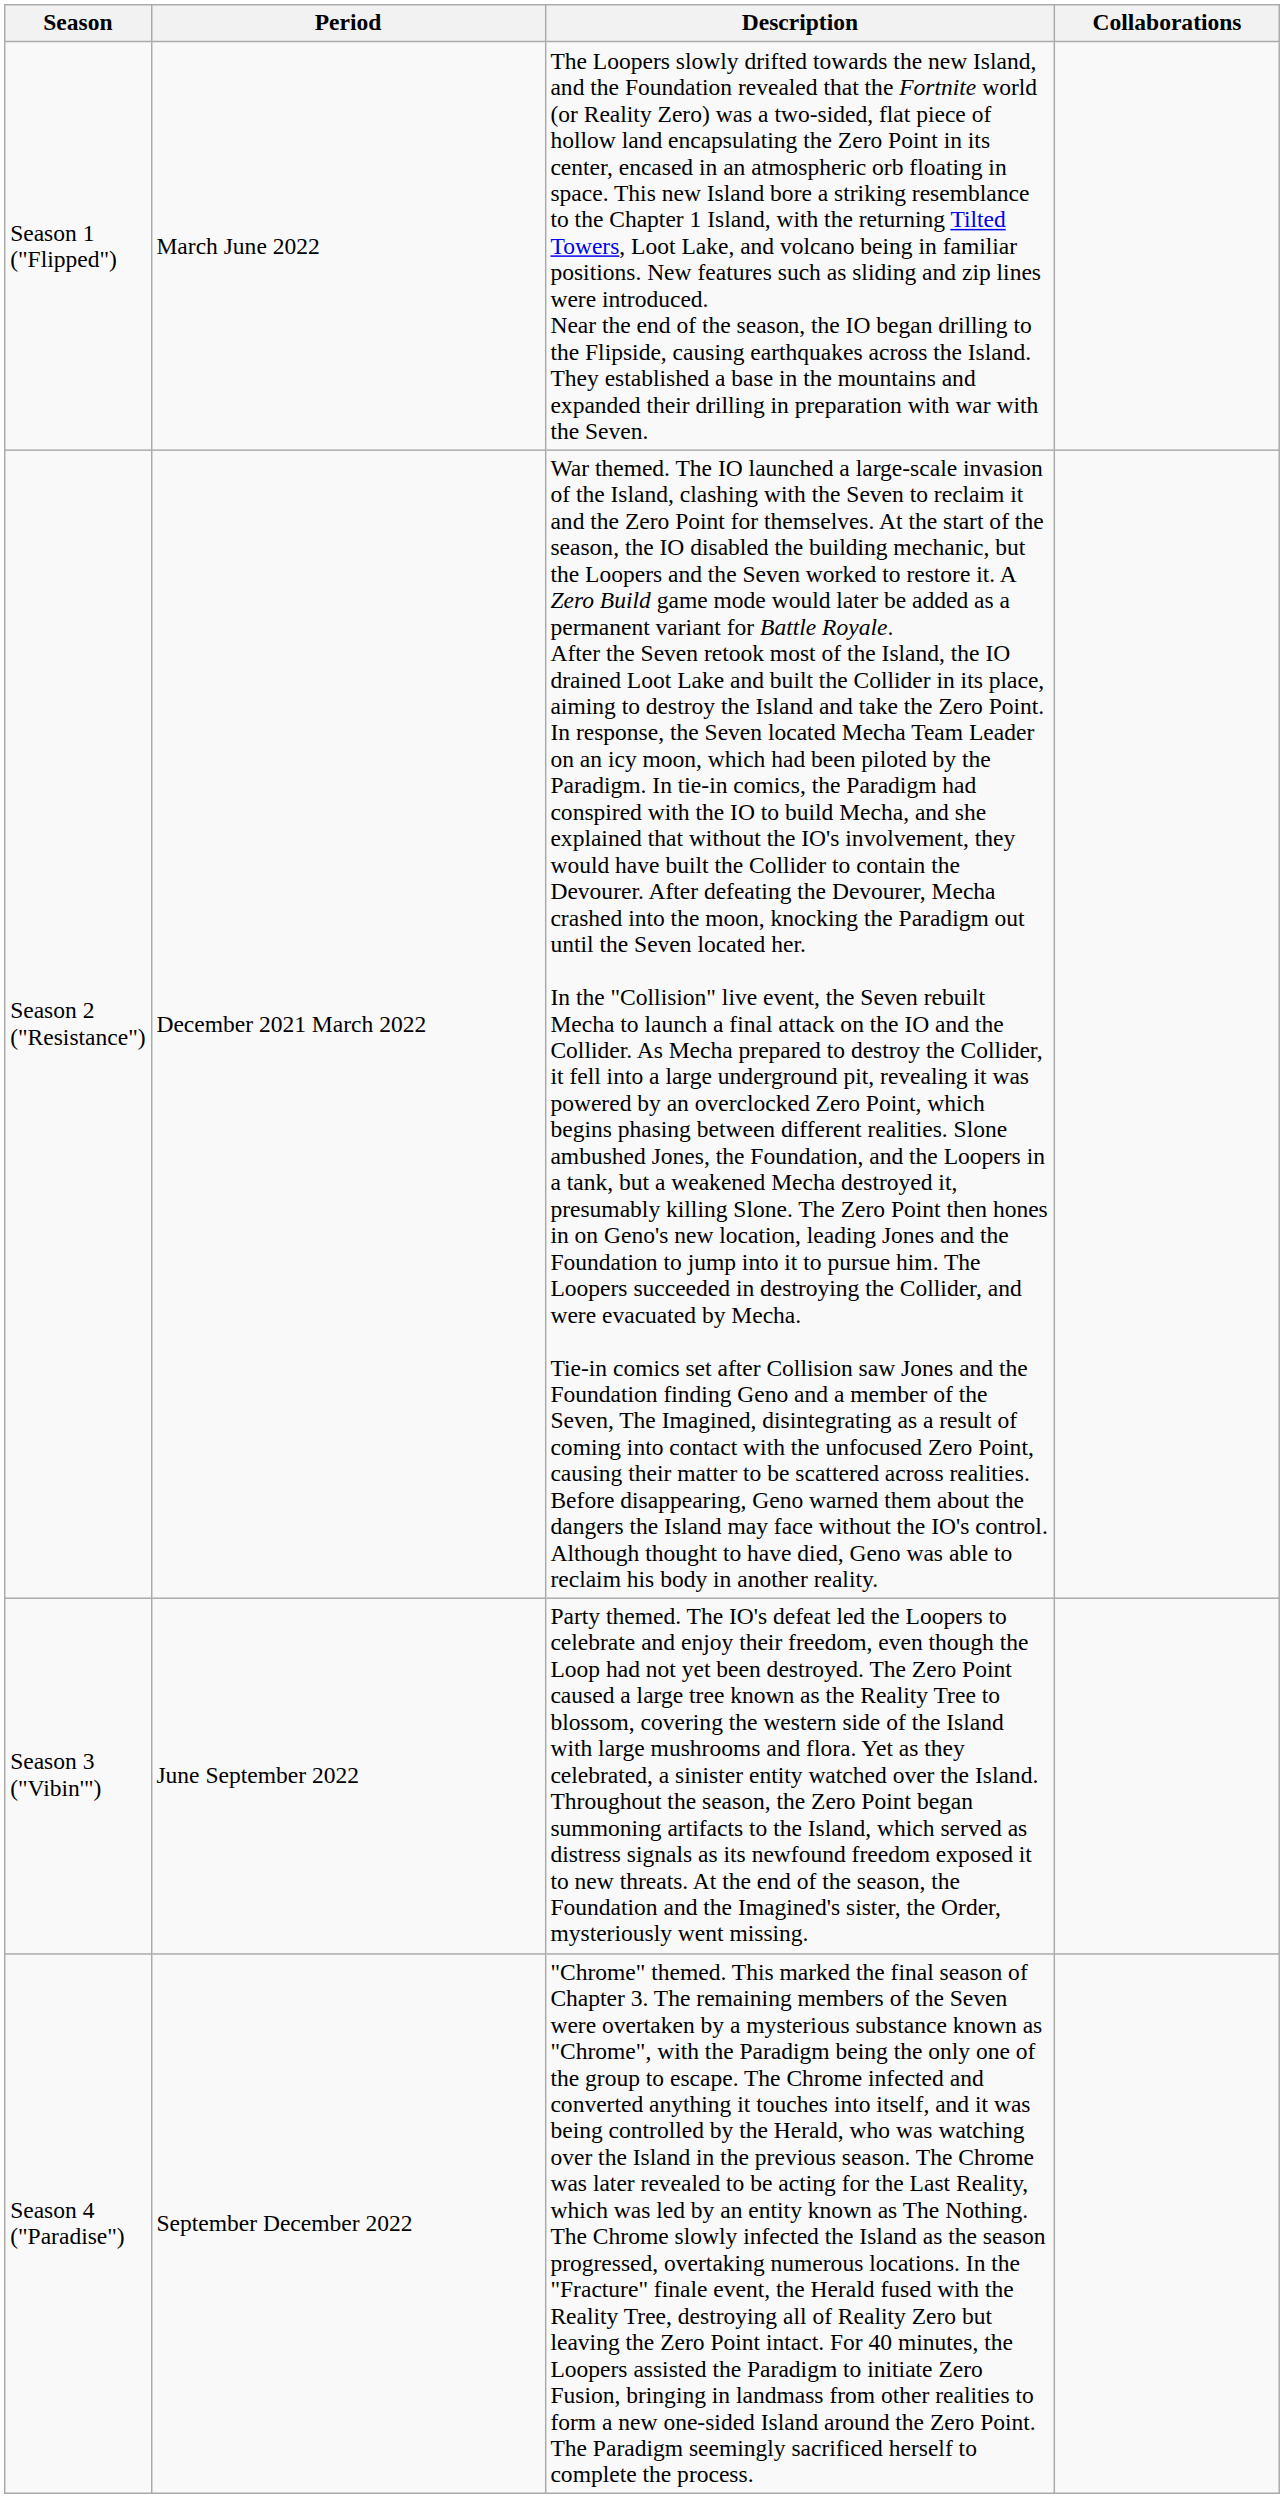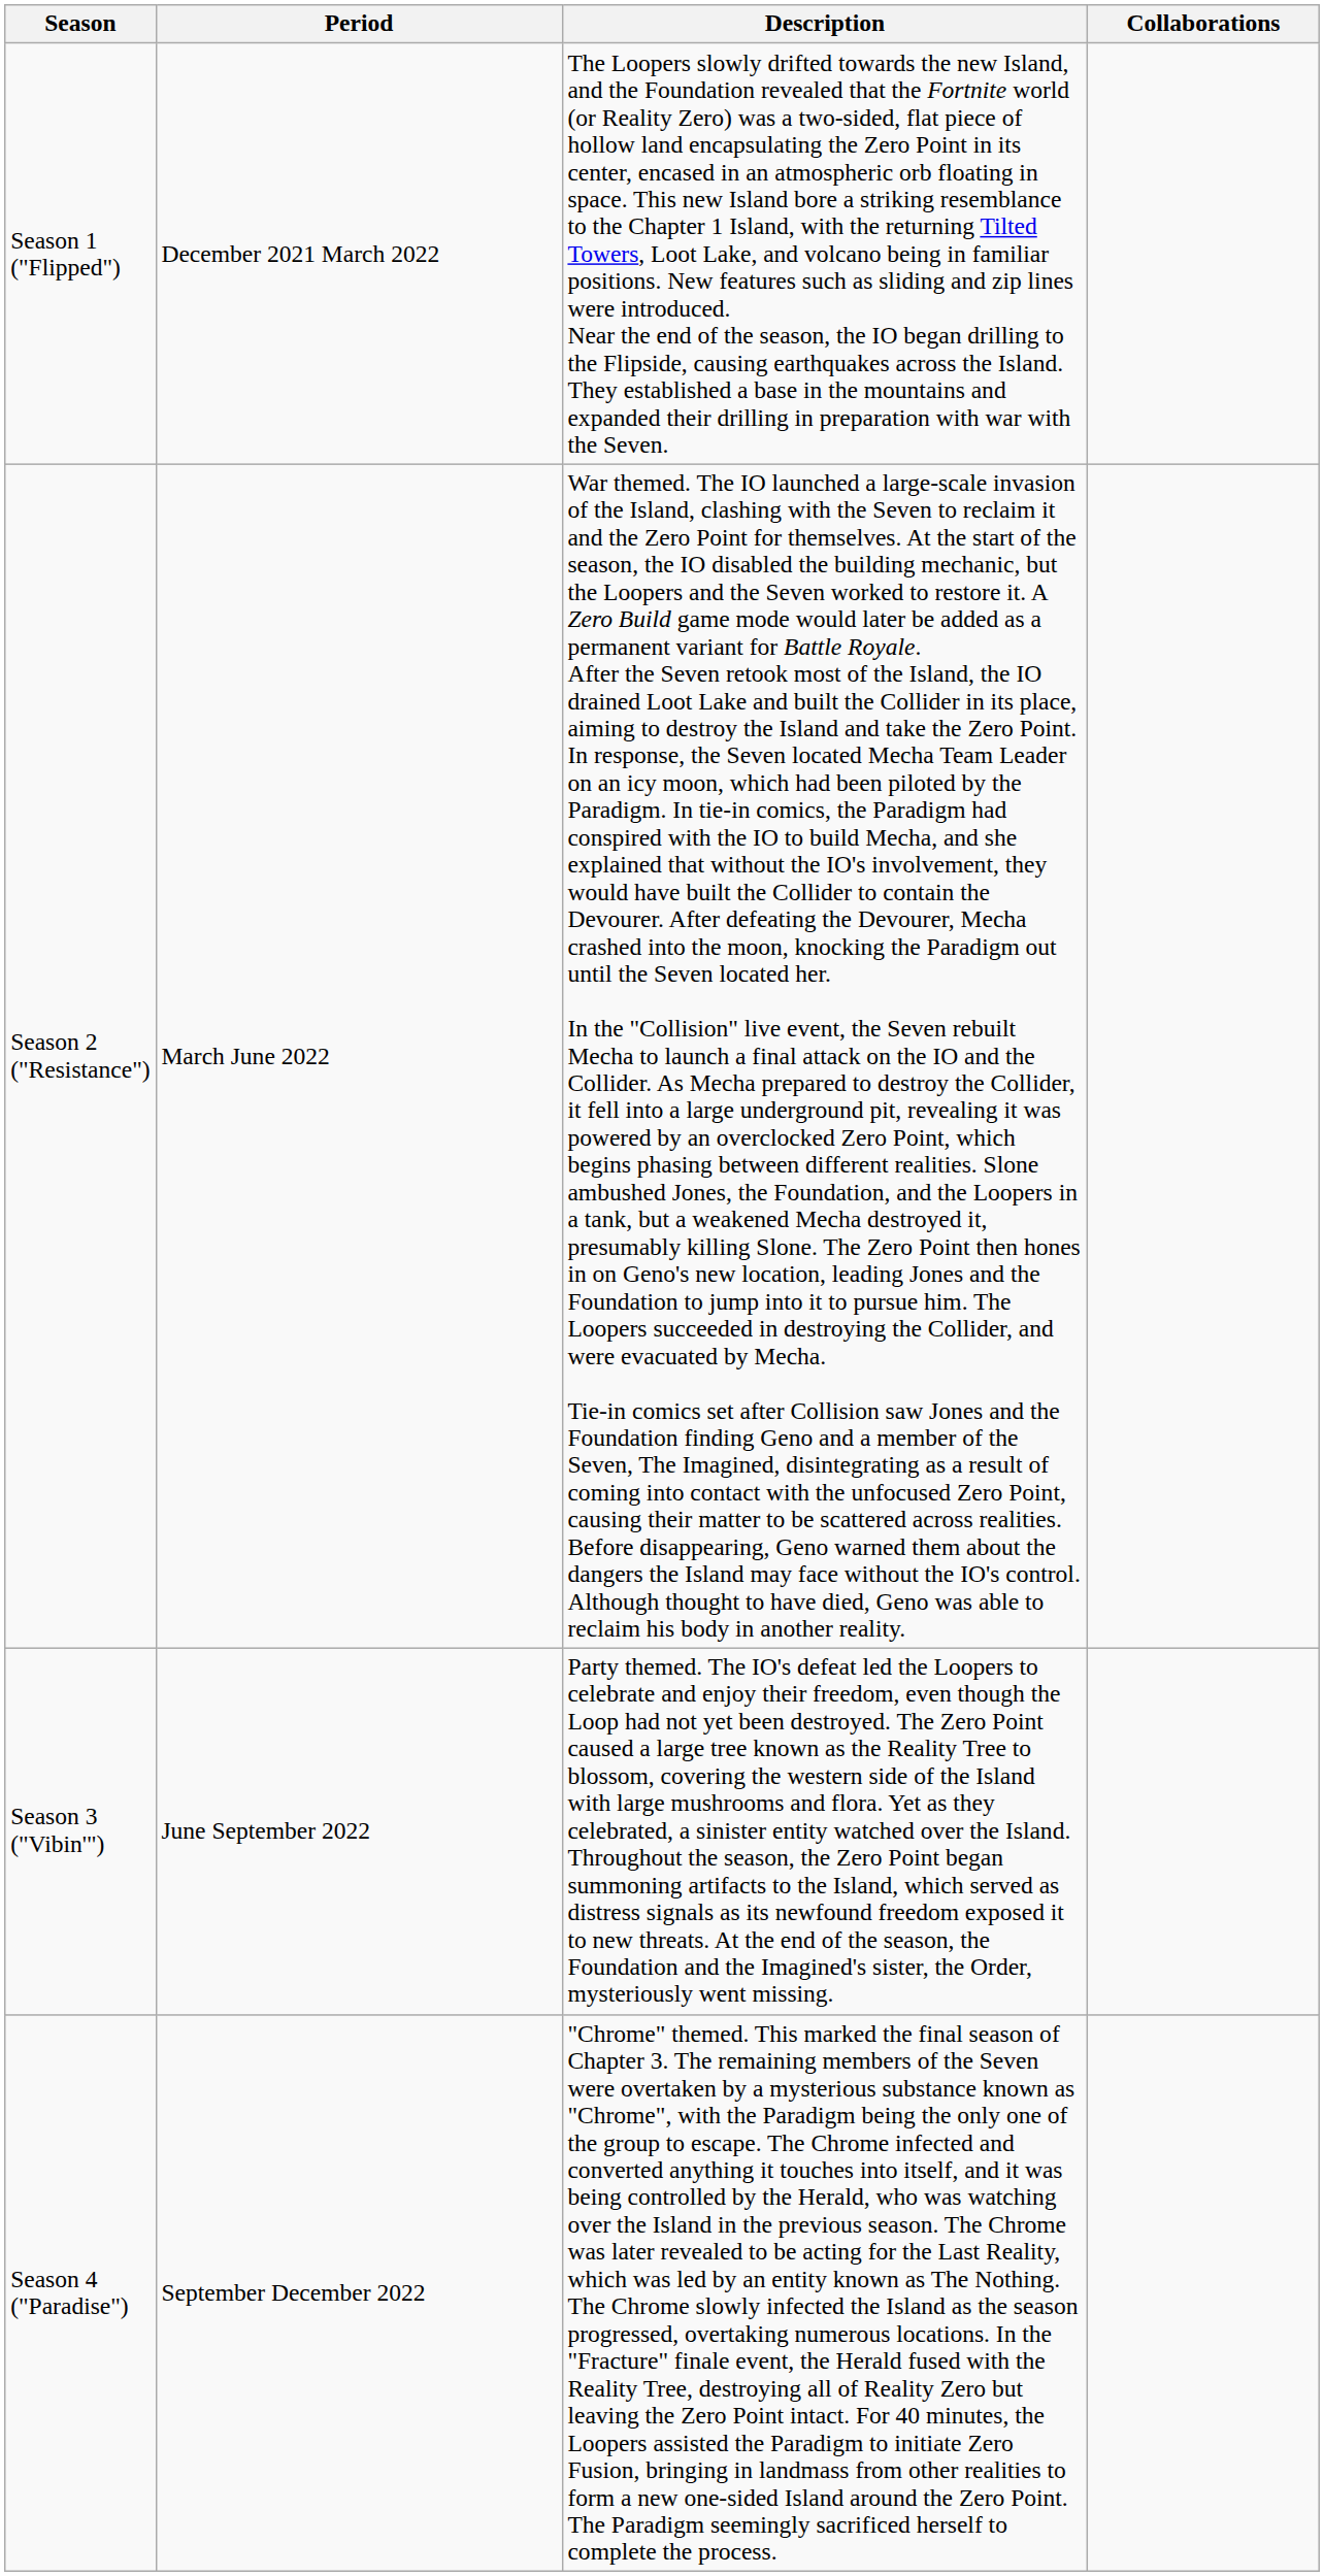 <table class="wikitable">
 <tr>
 <th width=10%>Season</th>
 <th>Period</th>
 <th width=40%>Description</th>
 <th>Collaborations</th>
 </tr>
 <tr>
 <td>Season 1 ("Flipped")</td>
-<td>March  June 2022</td>
+<td>December 2021  March 2022</td>
 <td>The Loopers slowly drifted towards the new Island, and the Foundation revealed that the <em>Fortnite</em> world (or Reality Zero) was a two-sided, flat piece of hollow land encapsulating the Zero Point in its center, encased in an atmospheric orb floating in space. This new Island bore a striking resemblance to the Chapter 1 Island, with the returning <a href='#'>Tilted Towers</a>, Loot Lake, and volcano being in familiar positions. New features such as sliding and zip lines were introduced.<br>Near the end of the season, the IO began drilling to the Flipside, causing earthquakes across the Island. They established a base in the mountains and expanded their drilling in preparation with war with the Seven.</td>
 <td></td>
 </tr>
 <tr>
 <td>Season 2 ("Resistance")</td>
-<td>December 2021  March 2022</td>
+<td>March  June 2022</td>
 <td>War themed. The IO launched a large-scale invasion of the Island, clashing with the Seven to reclaim it and the Zero Point for themselves. At the start of the season, the IO disabled the building mechanic, but the Loopers and the Seven worked to restore it. A <em>Zero Build</em> game mode would later be added as a permanent variant for <em>Battle Royale</em>.<br>After the Seven retook most of the Island, the IO drained Loot Lake and built the Collider in its place, aiming to destroy the Island and take the Zero Point. In response, the Seven located Mecha Team Leader on an icy moon, which had been piloted by the Paradigm. In tie-in comics, the Paradigm had conspired with the IO to build Mecha, and she explained that without the IO's involvement, they would have built the Collider to contain the Devourer. After defeating the Devourer, Mecha crashed into the moon, knocking the Paradigm out until the Seven located her.<br><br> In the "Collision" live event, the Seven rebuilt Mecha to launch a final attack on the IO and the Collider. As Mecha prepared to destroy the Collider, it fell into a large underground pit, revealing it was powered by an overclocked Zero Point, which begins phasing between different realities. Slone ambushed Jones, the Foundation, and the Loopers in a tank, but a weakened Mecha destroyed it, presumably killing Slone. The Zero Point then hones in on Geno's new location, leading Jones and the Foundation to jump into it to pursue him. The Loopers succeeded in destroying the Collider, and were evacuated by Mecha.<br><br> Tie-in comics set after Collision saw Jones and the Foundation finding Geno and a member of the Seven, The Imagined, disintegrating as a result of coming into contact with the unfocused Zero Point, causing their matter to be scattered across realities. Before disappearing, Geno warned them about the dangers the Island may face without the IO's control. Although thought to have died, Geno was able to reclaim his body in another reality.</td>
 <td></td>
 </tr>
 <tr>
 <td>Season 3 ("Vibin'")</td>
 <td>June  September 2022</td>
 <td>Party themed. The IO's defeat led the Loopers to celebrate and enjoy their freedom, even though the Loop had not yet been destroyed. The Zero Point caused a large tree known as the Reality Tree to blossom, covering the western side of the Island with large mushrooms and flora. Yet as they celebrated, a sinister entity watched over the Island.<br>Throughout the season, the Zero Point began summoning artifacts to the Island, which served as distress signals as its newfound freedom exposed it to new threats. At the end of the season, the Foundation and the Imagined's sister, the Order, mysteriously went missing.</td>
 <td></td>
 </tr>
 <tr>
 <td>Season 4 ("Paradise")</td>
 <td>September  December 2022</td>
 <td>"Chrome" themed. This marked the final season of Chapter 3. The remaining members of the Seven were overtaken by a mysterious substance known as "Chrome", with the Paradigm being the only one of the group to escape. The Chrome infected and converted anything it touches into itself, and it was being controlled by the Herald, who was watching over the Island in the previous season. The Chrome was later revealed to be acting for the Last Reality, which was led by an entity known as The Nothing.<br>The Chrome slowly infected the Island as the season progressed, overtaking numerous locations. In the "Fracture" finale event, the Herald fused with the Reality Tree, destroying all of Reality Zero but leaving the Zero Point intact. For 40 minutes, the Loopers assisted the Paradigm to initiate Zero Fusion, bringing in landmass from other realities to form a new one-sided Island around the Zero Point. The Paradigm seemingly sacrificed herself to complete the process.</td>
 <td></td>
 </tr>
 <tr>
 </tr>
 </table>
